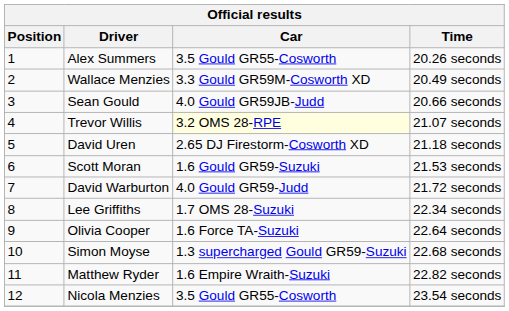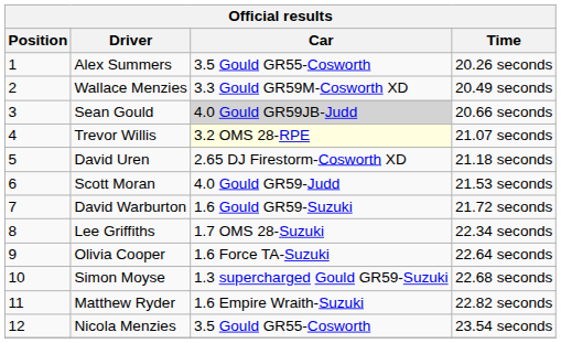 <table class="wikitable" style="font-size: 100%">
 <tr>
 <th colspan=4>Official results</th>
 </tr>
 <tr>
 <th>Position</th>
 <th>Driver</th>
 <th>Car</th>
 <th>Time</th>
 </tr>
 <tr>
 <td>1</td>
 <td>Alex Summers</td>
 <td>3.5 <a href='#'>Gould</a> GR55-<a href='#'>Cosworth</a></td>
 <td>20.26 seconds</td>
 </tr>
 <tr>
 <td>2</td>
 <td>Wallace Menzies</td>
 <td>3.3 <a href='#'>Gould</a> GR59M-<a href='#'>Cosworth</a> XD</td>
 <td>20.49 seconds</td>
 </tr>
 <tr>
 <td>3</td>
 <td>Sean Gould</td>
-<td>4.0 <a href='#'>Gould</a> GR59JB-<a href='#'>Judd</a></td>
+<td style="background: lightgrey;">4.0 <a href='#'>Gould</a> GR59JB-<a href='#'>Judd</a></td>
 <td>20.66 seconds</td>
 </tr>
 <tr>
 <td>4</td>
 <td>Trevor Willis</td>
 <td style="background: lightyellow;">3.2 OMS 28-<a href='#'>RPE</a></td>
 <td>21.07 seconds</td>
 </tr>
 <tr>
 <td>5</td>
 <td>David Uren</td>
 <td>2.65 DJ Firestorm-<a href='#'>Cosworth</a> XD</td>
 <td>21.18 seconds</td>
 </tr>
 <tr>
 <td>6</td>
 <td>Scott Moran</td>
-<td>1.6 <a href='#'>Gould</a> GR59-<a href='#'>Suzuki</a></td>
+<td>4.0 <a href='#'>Gould</a> GR59-<a href='#'>Judd</a></td>
 <td>21.53 seconds</td>
 </tr>
 <tr>
 <td>7</td>
 <td>David Warburton</td>
-<td>4.0 <a href='#'>Gould</a> GR59-<a href='#'>Judd</a></td>
+<td>1.6 <a href='#'>Gould</a> GR59-<a href='#'>Suzuki</a></td>
 <td>21.72 seconds</td>
 </tr>
 <tr>
 <td>8</td>
 <td>Lee Griffiths</td>
 <td>1.7 OMS 28-<a href='#'>Suzuki</a></td>
 <td>22.34 seconds</td>
 </tr>
 <tr>
 <td>9</td>
 <td>Olivia Cooper</td>
 <td>1.6 Force TA-<a href='#'>Suzuki</a></td>
 <td>22.64 seconds</td>
 </tr>
 <tr>
 <td>10</td>
 <td>Simon Moyse</td>
 <td>1.3 <a href='#'>supercharged</a> <a href='#'>Gould</a> GR59-<a href='#'>Suzuki</a></td>
 <td>22.68 seconds</td>
 </tr>
 <tr>
 <td>11</td>
 <td>Matthew Ryder</td>
 <td>1.6 Empire Wraith-<a href='#'>Suzuki</a></td>
 <td>22.82 seconds</td>
 </tr>
 <tr>
 <td>12</td>
 <td>Nicola Menzies</td>
 <td>3.5 <a href='#'>Gould</a> GR55-<a href='#'>Cosworth</a></td>
 <td>23.54 seconds</td>
 </tr>
 <tr>
 </tr>
 </table>
